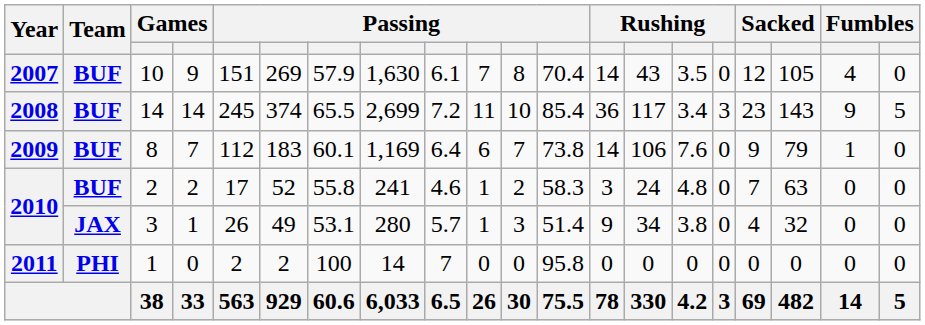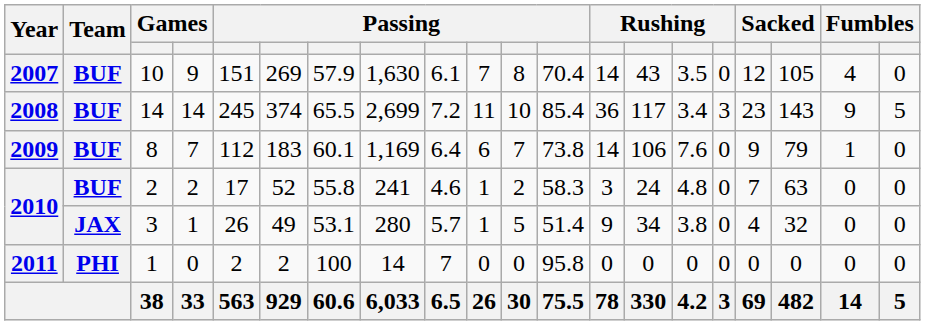 <table class="wikitable sortable" style="text-align: center;">
 <tr>
 <th rowspan="2">Year</th>
 <th rowspan="2">Team</th>
 <th colspan="2">Games</th>
 <th colspan="8">Passing</th>
 <th colspan="4">Rushing</th>
 <th colspan="2">Sacked</th>
 <th colspan="2">Fumbles</th>
 </tr>
 <tr>
 <th></th>
 <th></th>
 <th></th>
 <th></th>
 <th></th>
 <th></th>
 <th></th>
 <th></th>
 <th></th>
 <th></th>
 <th></th>
 <th></th>
 <th></th>
 <th></th>
 <th></th>
 <th></th>
 <th></th>
 <th></th>
 </tr>
 <tr>
 <th><a href='#'>2007</a></th>
 <th><a href='#'>BUF</a></th>
 <td>10</td>
 <td>9</td>
 <td>151</td>
 <td>269</td>
 <td>57.9</td>
 <td>1,630</td>
 <td>6.1</td>
 <td>7</td>
 <td>8</td>
 <td>70.4</td>
 <td>14</td>
 <td>43</td>
 <td>3.5</td>
 <td>0</td>
 <td>12</td>
 <td>105</td>
 <td>4</td>
 <td>0</td>
 </tr>
 <tr>
 <th><a href='#'>2008</a></th>
 <th><a href='#'>BUF</a></th>
 <td>14</td>
 <td>14</td>
 <td>245</td>
 <td>374</td>
 <td>65.5</td>
 <td>2,699</td>
 <td>7.2</td>
 <td>11</td>
 <td>10</td>
 <td>85.4</td>
 <td>36</td>
 <td>117</td>
 <td>3.4</td>
 <td>3</td>
 <td>23</td>
 <td>143</td>
 <td>9</td>
 <td>5</td>
 </tr>
 <tr>
 <th><a href='#'>2009</a></th>
 <th><a href='#'>BUF</a></th>
 <td>8</td>
 <td>7</td>
 <td>112</td>
 <td>183</td>
 <td>60.1</td>
 <td>1,169</td>
 <td>6.4</td>
 <td>6</td>
 <td>7</td>
 <td>73.8</td>
 <td>14</td>
 <td>106</td>
 <td>7.6</td>
 <td>0</td>
 <td>9</td>
 <td>79</td>
 <td>1</td>
 <td>0</td>
 </tr>
 <tr>
 <th rowspan="2"><a href='#'>2010</a></th>
 <th><a href='#'>BUF</a></th>
 <td>2</td>
 <td>2</td>
 <td>17</td>
 <td>52</td>
 <td>55.8</td>
 <td>241</td>
 <td>4.6</td>
 <td>1</td>
 <td>2</td>
 <td>58.3</td>
 <td>3</td>
 <td>24</td>
 <td>4.8</td>
 <td>0</td>
 <td>7</td>
 <td>63</td>
 <td>0</td>
 <td>0</td>
 </tr>
 <tr>
 <th><a href='#'>JAX</a></th>
 <td>3</td>
 <td>1</td>
 <td>26</td>
 <td>49</td>
 <td>53.1</td>
 <td>280</td>
 <td>5.7</td>
 <td>1</td>
-<td>3</td>
+<td>5</td>
 <td>51.4</td>
 <td>9</td>
 <td>34</td>
 <td>3.8</td>
 <td>0</td>
 <td>4</td>
 <td>32</td>
 <td>0</td>
 <td>0</td>
 </tr>
 <tr>
 <th><a href='#'>2011</a></th>
 <th><a href='#'>PHI</a></th>
 <td>1</td>
 <td>0</td>
 <td>2</td>
 <td>2</td>
 <td>100</td>
 <td>14</td>
 <td>7</td>
 <td>0</td>
 <td>0</td>
 <td>95.8</td>
 <td>0</td>
 <td>0</td>
 <td>0</td>
 <td>0</td>
 <td>0</td>
 <td>0</td>
 <td>0</td>
 <td>0</td>
 </tr>
 <tr>
 <th colspan="2"></th>
 <th>38</th>
 <th>33</th>
 <th>563</th>
 <th>929</th>
 <th>60.6</th>
 <th>6,033</th>
 <th>6.5</th>
 <th>26</th>
 <th>30</th>
 <th>75.5</th>
 <th>78</th>
 <th>330</th>
 <th>4.2</th>
 <th>3</th>
 <th>69</th>
 <th>482</th>
 <th>14</th>
 <th>5</th>
 </tr>
 </table>
